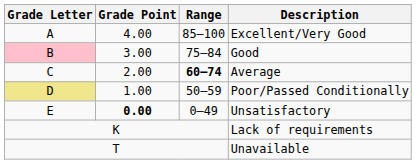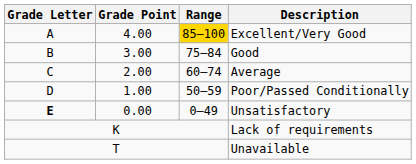 <table class="wikitable" style="text-align:center;">
 <tr>
 <th>Grade Letter</th>
 <th>Grade Point</th>
 <th>Range</th>
 <th>Description</th>
 </tr>
 <tr>
 <td>A</td>
 <td>4.00</td>
-<td>85–100</td>
+<td style="background: gold;">85–100</td>
 <td style="text-align:left;">Excellent/Very Good<br></td>
 </tr>
 <tr>
-<td style="background: pink;">B</td>
+<td>B</td>
 <td>3.00</td>
 <td>75–84</td>
 <td style="text-align:left;">Good<br></td>
 </tr>
 <tr>
 <td>C</td>
 <td>2.00</td>
-<td><strong>60–74</strong></td>
+<td>60–74</td>
 <td style="text-align:left;">Average<br></td>
 </tr>
 <tr>
-<td style="background: khaki;">D</td>
+<td>D</td>
 <td>1.00</td>
 <td>50–59</td>
 <td style="text-align:left;">Poor/Passed Conditionally<br></td>
 </tr>
 <tr>
-<td>E</td>
-<td><strong>0.00</strong></td>
+<td><strong>E</strong></td>
+<td>0.00</td>
 <td>0–49</td>
 <td style="text-align:left;">Unsatisfactory<br></td>
 </tr>
 <tr>
 <td colspan=3>K</td>
 <td style="text-align:left;">Lack of requirements</td>
 </tr>
 <tr>
 <td colspan=3>T</td>
 <td style="text-align:left;">Unavailable</td>
 </tr>
 </table>
